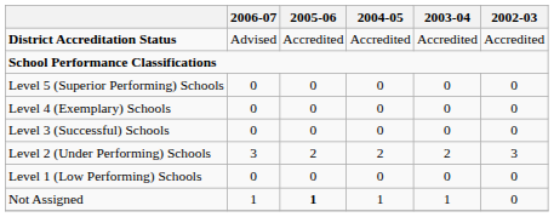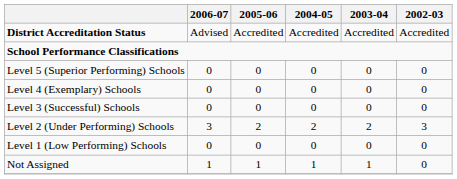 <table class="wikitable" style="font-size: 95%;">
 <tr>
 <th></th>
 <th>2006-07</th>
 <th>2005-06</th>
 <th>2004-05</th>
 <th>2003-04</th>
 <th>2002-03</th>
 </tr>
 <tr>
 <td align="left"><strong>District Accreditation Status</strong></td>
 <td align="center">Advised</td>
 <td align="center">Accredited</td>
 <td align="center">Accredited</td>
 <td align="center">Accredited</td>
 <td align="center">Accredited</td>
 </tr>
 <tr>
 <td align="left" colspan="6"><strong>School Performance Classifications</strong></td>
 </tr>
 <tr>
 <td align="left">Level 5 (Superior Performing) Schools</td>
 <td align="center">0</td>
 <td align="center">0</td>
 <td align="center">0</td>
 <td align="center">0</td>
 <td align="center">0</td>
 </tr>
 <tr>
 <td align="left">Level 4 (Exemplary) Schools</td>
 <td align="center">0</td>
 <td align="center">0</td>
 <td align="center">0</td>
 <td align="center">0</td>
 <td align="center">0</td>
 </tr>
 <tr>
 <td align="left">Level 3 (Successful) Schools</td>
 <td align="center">0</td>
 <td align="center">0</td>
 <td align="center">0</td>
 <td align="center">0</td>
 <td align="center">0</td>
 </tr>
 <tr>
 <td align="left">Level 2 (Under Performing) Schools</td>
 <td align="center">3</td>
 <td align="center">2</td>
 <td align="center">2</td>
 <td align="center">2</td>
 <td align="center">3</td>
 </tr>
 <tr>
 <td align="left">Level 1 (Low Performing) Schools</td>
 <td align="center">0</td>
 <td align="center">0</td>
 <td align="center">0</td>
 <td align="center">0</td>
 <td align="center">0</td>
 </tr>
 <tr>
 <td align="left">Not Assigned</td>
 <td align="center">1</td>
-<td align="center"><strong>1</strong></td>
+<td align="center">1</td>
 <td align="center">1</td>
 <td align="center">1</td>
 <td align="center">0</td>
 </tr>
 <tr>
 </tr>
 </table>
